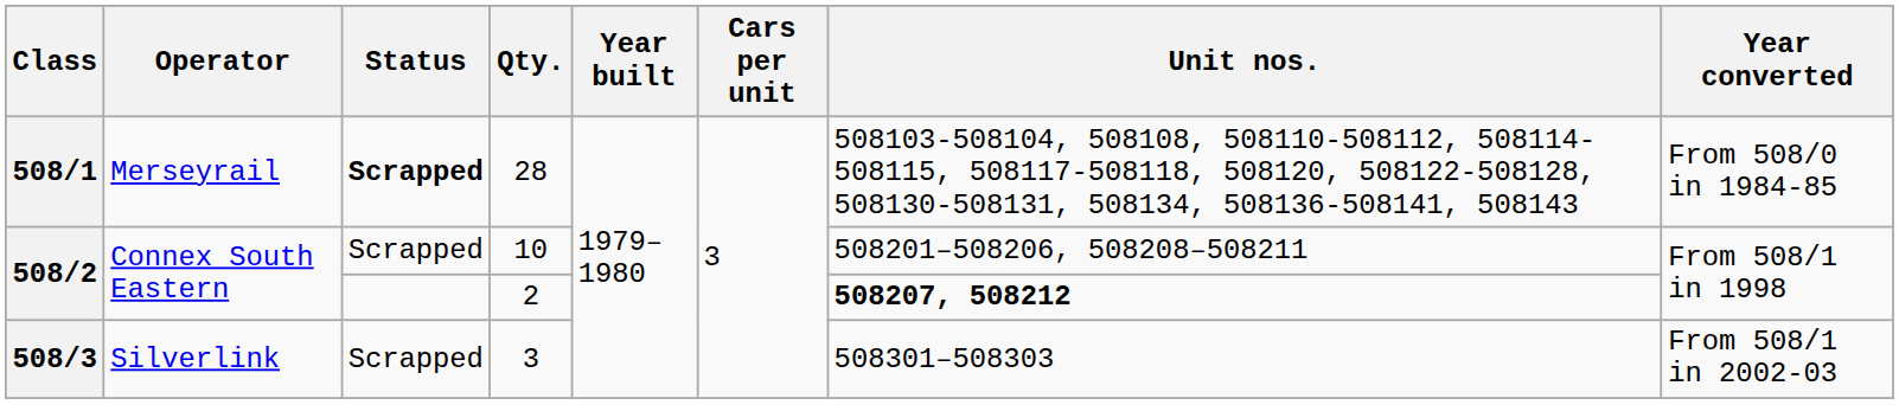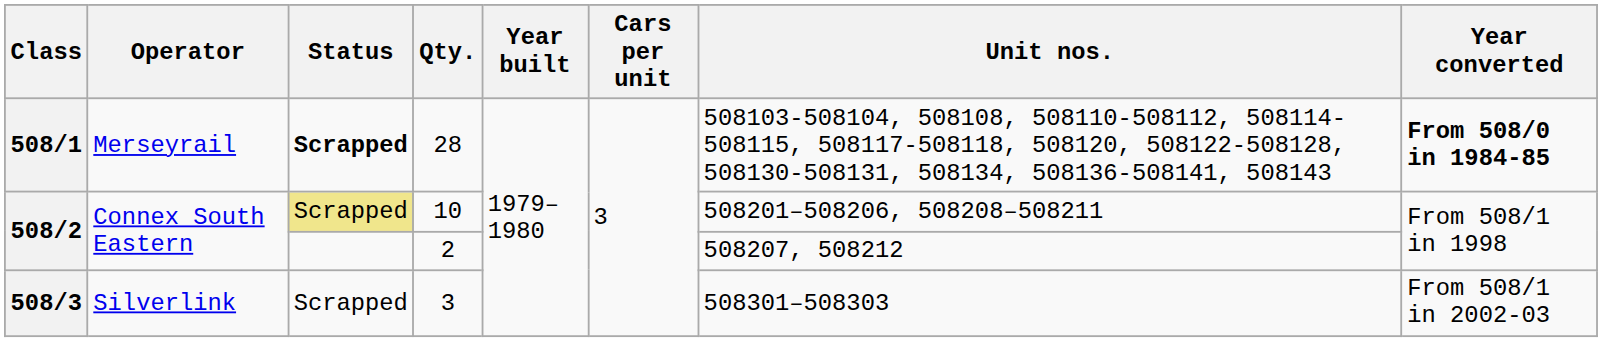 <table class="wikitable">
 <tr>
 <th>Class</th>
 <th>Operator</th>
 <th>Status</th>
 <th>Qty.</th>
 <th>Year built</th>
 <th>Cars per unit</th>
 <th>Unit nos.</th>
 <th>Year converted</th>
 </tr>
 <tr>
 <th>508/1</th>
 <td><a href='#'>Merseyrail</a></td>
 <td><strong>Scrapped</strong></td>
 <td align="center">28</td>
 <td rowspan="4">1979–1980</td>
 <td rowspan="4">3</td>
 <td>508103-508104, 508108, 508110-508112, 508114-508115, 508117-508118, 508120, 508122-508128, 508130-508131, 508134, 508136-508141, 508143</td>
-<td>From 508/0 in 1984-85</td>
+<td><strong>From 508/0 in 1984-85</strong></td>
 </tr>
 <tr>
 <th rowspan="2">508/2</th>
 <td rowspan="2"><a href='#'>Connex South Eastern</a></td>
-<td>Scrapped</td>
+<td style="background: khaki;">Scrapped</td>
 <td align="center">10</td>
 <td>508201–508206, 508208–508211</td>
 <td rowspan="2">From 508/1 in 1998</td>
 </tr>
 <tr>
 <td></td>
 <td align="center">2</td>
-<td><strong>508207, 508212</strong></td>
+<td>508207, 508212</td>
 </tr>
 <tr>
 <th>508/3</th>
 <td><a href='#'>Silverlink</a></td>
 <td>Scrapped</td>
 <td align="center">3</td>
 <td>508301–508303</td>
 <td rowspan="1">From 508/1 in 2002-03</td>
 </tr>
 </table>
